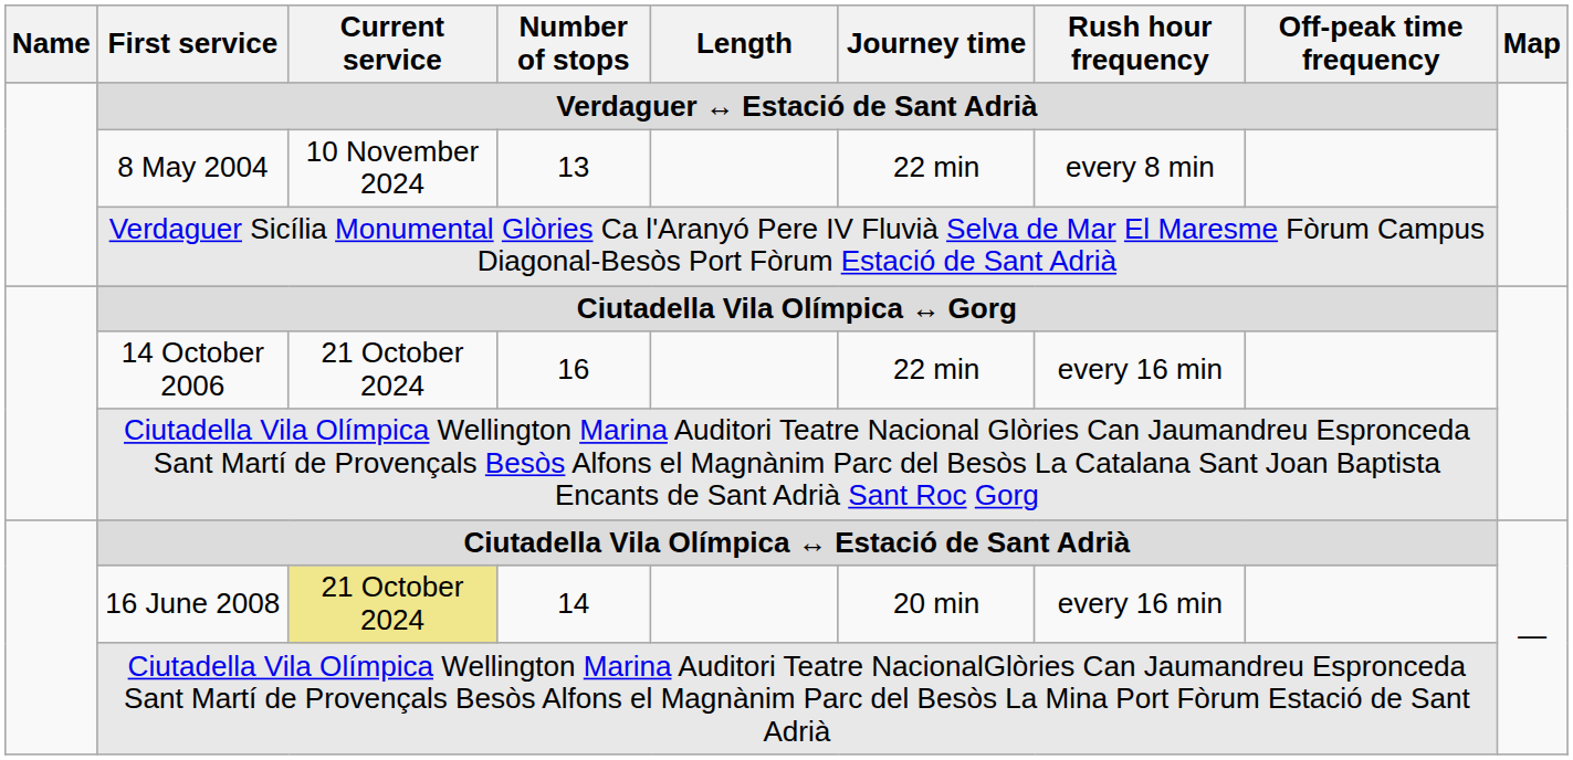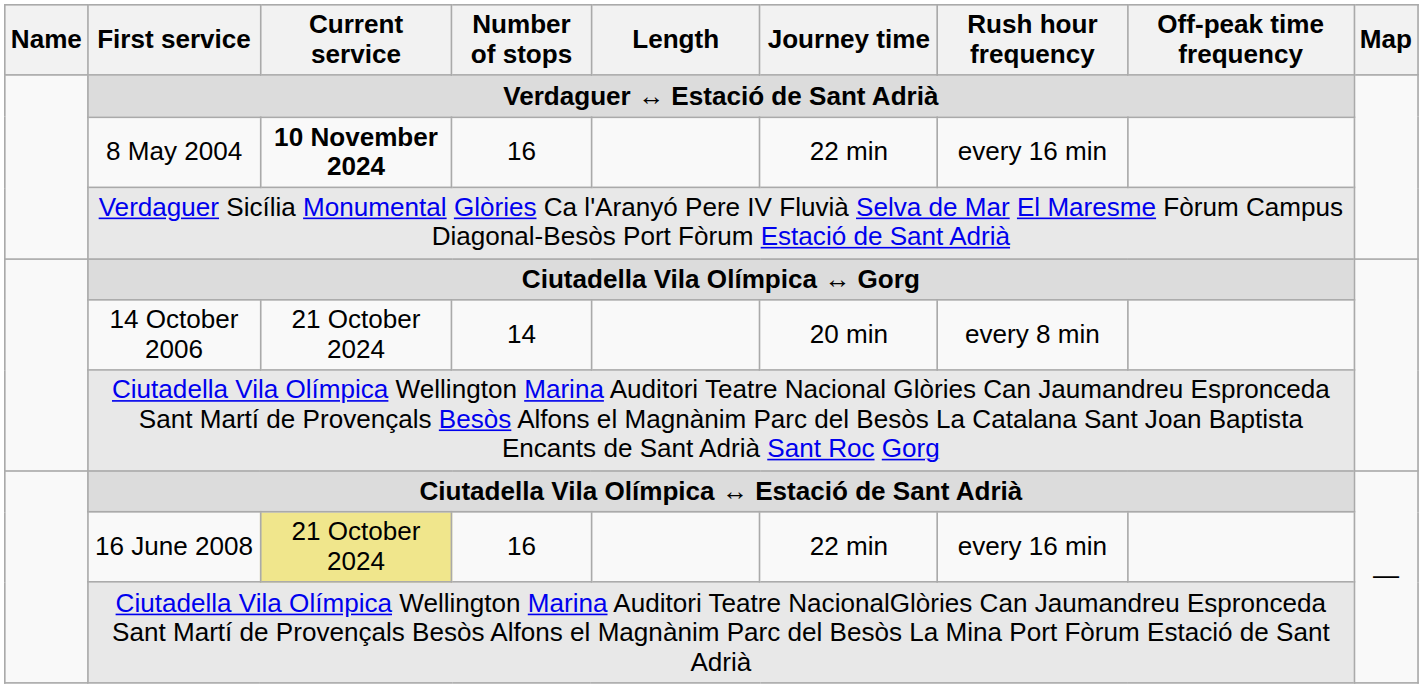 <table class="sortable wikitable">
 <tr>
 <th scope="col" style="width:5px">Name</th>
 <th scope="col" style="width:150px">First service</th>
 <th scope="col" style="width:150px">Current service</th>
 <th scope="col" style="width:100px">Number of stops</th>
 <th scope="col" style="width:150px">Length</th>
 <th scope="col" style="width:150px">Journey time</th>
 <th scope="col" style="width:150px">Rush hour<br> frequency</th>
 <th scope="col" style="width:200px">Off-peak time<br> frequency</th>
 <th scope="col">Map</th>
 </tr>
 <tr>
 <td rowspan="3" style="vertical-align: top"></td>
 <td colspan="7" align="center" bgcolor=#DCDCDC><strong>Verdaguer ↔ Estació de Sant Adrià</strong></td>
 <td rowspan="3"></td>
 </tr>
 <tr>
 <td align="center">8 May 2004</td>
-<td align="center">10 November 2024</td>
-<td align="center">13</td>
+<td align="center"><strong>10 November 2024</strong></td>
+<td align="center">16</td>
 <td align="center"></td>
 <td align="center">22 min</td>
-<td align="center">every 8 min</td>
+<td align="center">every 16 min</td>
 <td></td>
 </tr>
 <tr>
 <td colspan="7" style="font-size:100%" bgcolor=#E8E8E8 align="center"><a href='#'>Verdaguer</a>  Sicília <a href='#'>Monumental</a>  <a href='#'>Glòries</a>  Ca l'Aranyó Pere IV Fluvià <a href='#'>Selva de Mar</a>  <a href='#'>El Maresme</a>  Fòrum Campus Diagonal-Besòs Port Fòrum <a href='#'>Estació de Sant Adrià</a> </td>
 </tr>
 <tr>
 <td rowspan="3" style="vertical-align: top"></td>
 <td colspan="7" align="center" bgcolor=#DCDCDC><strong>Ciutadella  Vila Olímpica ↔ Gorg</strong></td>
 <td rowspan="3"></td>
 </tr>
 <tr>
 <td align="center">14 October 2006</td>
 <td align="center">21 October 2024</td>
-<td align="center">16</td>
+<td align="center">14</td>
 <td align="center"></td>
-<td align="center">22 min</td>
-<td align="center">every 16 min</td>
+<td align="center">20 min</td>
+<td align="center">every 8 min</td>
 <td></td>
 </tr>
 <tr>
 <td colspan="7" style="font-size:100%" bgcolor=#E8E8E8 align="center"><a href='#'>Ciutadella  Vila Olímpica</a>  Wellington <a href='#'>Marina</a>  Auditori  Teatre Nacional Glòries  Can Jaumandreu Espronceda Sant Martí de Provençals <a href='#'>Besòs</a>  Alfons el Magnànim Parc del Besòs La Catalana Sant Joan Baptista Encants de Sant Adrià <a href='#'>Sant Roc</a>  <a href='#'>Gorg</a> </td>
 </tr>
 <tr>
 <td rowspan="3" style="vertical-align: top"></td>
 <td colspan="7" align="center" bgcolor=#DCDCDC><strong>Ciutadella  Vila Olímpica ↔ Estació de Sant Adrià</strong></td>
 <td rowspan="3" align="center">—</td>
 </tr>
 <tr>
 <td align="center">16 June 2008</td>
 <td align="center" style="background: khaki;">21 October 2024</td>
-<td align="center">14</td>
+<td align="center">16</td>
 <td align="center"></td>
-<td align="center">20 min</td>
+<td align="center">22 min</td>
 <td align="center">every 16 min</td>
 <td></td>
 </tr>
 <tr>
 <td colspan="7" style="font-size:100%" bgcolor=#E8E8E8 align="center"><a href='#'>Ciutadella  Vila Olímpica</a>  Wellington <a href='#'>Marina</a>  Auditori  Teatre NacionalGlòries   Can Jaumandreu Espronceda Sant Martí de Provençals Besòs  Alfons el Magnànim Parc del Besòs La Mina Port Fòrum Estació de Sant Adrià </td>
 </tr>
 </table>
